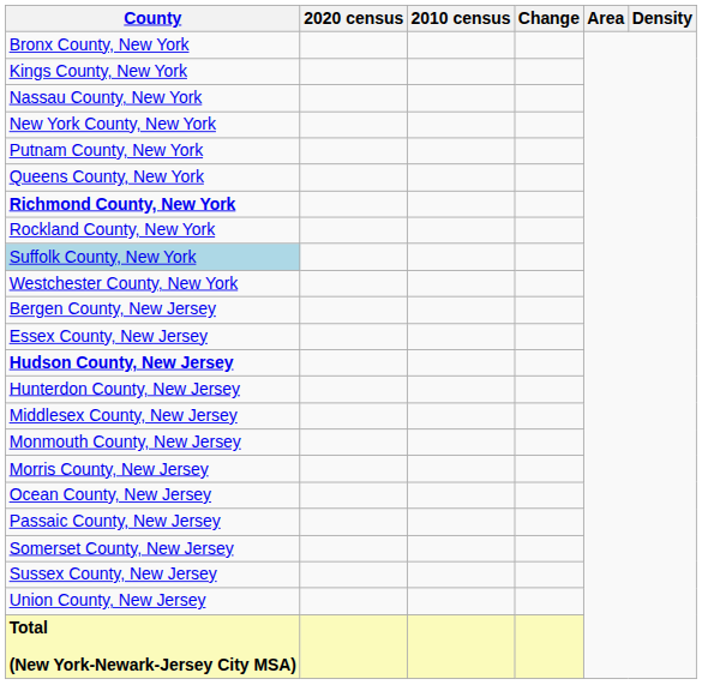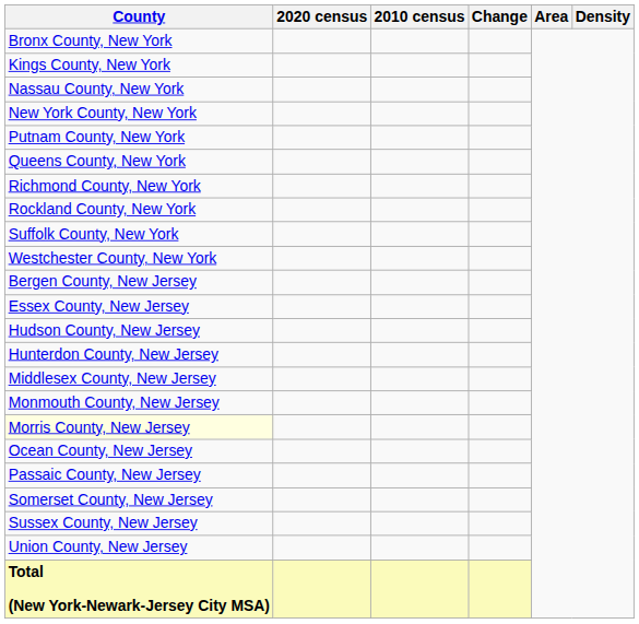 <table class="wikitable sortable">
 <tr>
 <th><a href='#'>County</a></th>
 <th>2020 census</th>
 <th>2010 census</th>
 <th>Change</th>
 <th width=12em>Area</th>
 <th width=12em>Density</th>
 </tr>
 <tr>
 <td><a href='#'>Bronx County, New York</a></td>
 <td></td>
 <td></td>
 <td></td>
 </tr>
 <tr>
 <td><a href='#'>Kings County, New York</a></td>
 <td></td>
 <td></td>
 <td></td>
 </tr>
 <tr>
 <td><a href='#'>Nassau County, New York</a></td>
 <td></td>
 <td></td>
 <td></td>
 </tr>
 <tr>
 <td><a href='#'>New York County, New York</a></td>
 <td></td>
 <td></td>
 <td></td>
 </tr>
 <tr>
 <td><a href='#'>Putnam County, New York</a></td>
 <td></td>
 <td></td>
 <td></td>
 </tr>
 <tr>
 <td><a href='#'>Queens County, New York</a></td>
 <td></td>
 <td></td>
 <td></td>
 </tr>
 <tr>
-<td><strong><a href='#'>Richmond County, New York</a></strong></td>
+<td><a href='#'>Richmond County, New York</a></td>
 <td></td>
 <td></td>
 <td></td>
 </tr>
 <tr>
 <td><a href='#'>Rockland County, New York</a></td>
 <td></td>
 <td></td>
 <td></td>
 </tr>
 <tr>
-<td style="background: lightblue;"><a href='#'>Suffolk County, New York</a></td>
+<td><a href='#'>Suffolk County, New York</a></td>
 <td></td>
 <td></td>
 <td></td>
 </tr>
 <tr>
 <td><a href='#'>Westchester County, New York</a></td>
 <td></td>
 <td></td>
 <td></td>
 </tr>
 <tr>
 <td><a href='#'>Bergen County, New Jersey</a></td>
 <td></td>
 <td></td>
 <td></td>
 </tr>
 <tr>
 <td><a href='#'>Essex County, New Jersey</a></td>
 <td></td>
 <td></td>
 <td></td>
 </tr>
 <tr>
-<td><strong><a href='#'>Hudson County, New Jersey</a></strong></td>
+<td><a href='#'>Hudson County, New Jersey</a></td>
 <td></td>
 <td></td>
 <td></td>
 </tr>
 <tr>
 <td><a href='#'>Hunterdon County, New Jersey</a></td>
 <td></td>
 <td></td>
 <td></td>
 </tr>
 <tr>
 <td><a href='#'>Middlesex County, New Jersey</a></td>
 <td></td>
 <td></td>
 <td></td>
 </tr>
 <tr>
 <td><a href='#'>Monmouth County, New Jersey</a></td>
 <td></td>
 <td></td>
 <td></td>
 </tr>
 <tr>
-<td><a href='#'>Morris County, New Jersey</a></td>
+<td style="background: lightyellow;"><a href='#'>Morris County, New Jersey</a></td>
 <td></td>
 <td></td>
 <td></td>
 </tr>
 <tr>
 <td><a href='#'>Ocean County, New Jersey</a></td>
 <td></td>
 <td></td>
 <td></td>
 </tr>
 <tr>
 <td><a href='#'>Passaic County, New Jersey</a></td>
 <td></td>
 <td></td>
 <td></td>
 </tr>
 <tr>
 <td><a href='#'>Somerset County, New Jersey</a></td>
 <td></td>
 <td></td>
 <td></td>
 </tr>
 <tr>
 <td><a href='#'>Sussex County, New Jersey</a></td>
 <td></td>
 <td></td>
 <td></td>
 </tr>
 <tr>
 <td><a href='#'>Union County, New Jersey</a></td>
 <td></td>
 <td></td>
 <td></td>
 </tr>
 <tr class="sortbottom" style="background:#fbfbbb">
 <td><strong>Total</strong><br><br><strong>(New York-Newark-Jersey City MSA)</strong></td>
 <td></td>
 <td></td>
 <td></td>
 </tr>
 </table>
